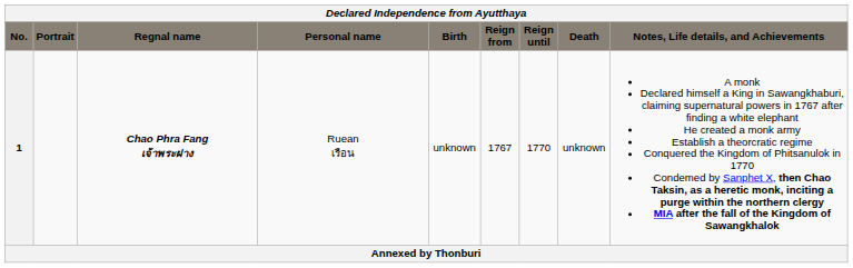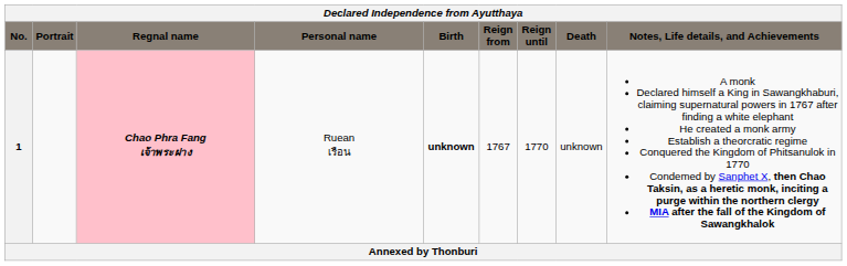 <table class="wikitable" style="text-align:center; width:100%;">
 <tr>
 <th colspan="9"><em>Declared Independence from Ayutthaya</em></th>
 </tr>
 <tr>
 <th width="3%" style="background-color:#898076">No.</th>
 <th width="1%" style="background-color:#898076">Portrait</th>
 <th width="19%" style="background-color:#898076">Regnal name</th>
 <th width="18%" style="background-color:#898076">Personal name</th>
 <th width="4%" style="background-color:#898076">Birth</th>
 <th width="4%" style="background-color:#898076">Reign from</th>
 <th width="4%" style="background-color:#898076">Reign until</th>
 <th width="4%" style="background-color:#898076">Death</th>
 <th width="25%" style="background-color:#898076">Notes, Life details, and Achievements</th>
 </tr>
 <tr>
 <th>1</th>
 <td></td>
-<td><strong><em>Chao Phra<em> Fang<strong><br>เจ้าพระฝาง</td>
+<td style="background: pink;"><strong><em>Chao Phra<em> Fang<strong><br>เจ้าพระฝาง</td>
 <td>Ruean<br>เรือน</td>
-<td>unknown</td>
+<td><strong>unknown</strong></td>
 <td>1767</td>
 <td>1770</td>
 <td>unknown</td>
 <td><br><ul><li>A monk</li><li>Declared himself a King in Sawangkhaburi, claiming supernatural powers in 1767 after finding a white elephant</li><li>He created a monk army</li><li>Establish a theorcratic regime</li><li>Conquered the Kingdom of Phitsanulok in 1770</li><li>Condemed by </strong><a href='#'>Sanphet X</a>,<strong> then Chao Taksin, as a heretic monk, inciting a purge within the northern clergy</li><li><a href='#'>MIA</a> after the fall of the Kingdom of Sawangkhalok</li></ul></td>
 </tr>
 <tr>
 <th colspan="9"></em>Annexed by Thonburi<em></th>
 </tr>
 </table>
